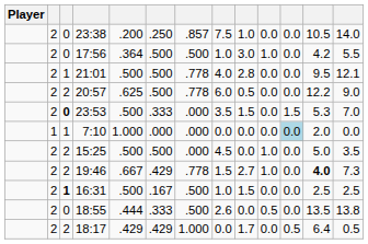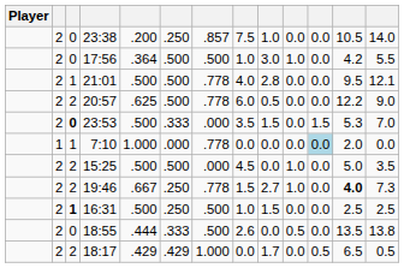 <table class="wikitable sortable" style="font-size:95%; text-align:right;">
 <tr>
 <th>Player</th>
 <th></th>
 <th></th>
 <th></th>
 <th></th>
 <th></th>
 <th></th>
 <th></th>
 <th></th>
 <th></th>
 <th></th>
 <th></th>
 <th></th>
 </tr>
 <tr>
 <td></td>
 <td>2</td>
 <td>0</td>
 <td>23:38</td>
 <td>.200</td>
 <td>.250</td>
 <td>.857</td>
 <td>7.5</td>
 <td>1.0</td>
 <td>0.0</td>
 <td>0.0</td>
 <td>10.5</td>
 <td>14.0</td>
 </tr>
 <tr>
 <td></td>
 <td>2</td>
 <td>0</td>
 <td>17:56</td>
 <td>.364</td>
 <td>.500</td>
 <td>.500</td>
 <td>1.0</td>
 <td>3.0</td>
 <td>1.0</td>
 <td>0.0</td>
 <td>4.2</td>
 <td>5.5</td>
 </tr>
 <tr>
 <td></td>
 <td>2</td>
 <td>1</td>
 <td>21:01</td>
 <td>.500</td>
 <td>.500</td>
 <td>.778</td>
 <td>4.0</td>
 <td>2.8</td>
 <td>0.0</td>
 <td>0.0</td>
 <td>9.5</td>
 <td>12.1</td>
 </tr>
 <tr>
 <td></td>
 <td>2</td>
 <td>2</td>
 <td>20:57</td>
 <td>.625</td>
 <td>.500</td>
 <td>.778</td>
 <td>6.0</td>
 <td>0.5</td>
 <td>0.0</td>
 <td>0.0</td>
 <td>12.2</td>
 <td>9.0</td>
 </tr>
 <tr>
 <td></td>
 <td>2</td>
 <td><strong>0</strong></td>
 <td>23:53</td>
 <td>.500</td>
 <td>.333</td>
 <td>.000</td>
 <td>3.5</td>
 <td>1.5</td>
 <td>0.0</td>
 <td>1.5</td>
 <td>5.3</td>
 <td>7.0</td>
 </tr>
 <tr>
 <td></td>
 <td>1</td>
 <td>1</td>
 <td>7:10</td>
 <td>1.000</td>
 <td>.000</td>
-<td>.000</td>
+<td>.778</td>
 <td>0.0</td>
 <td>0.0</td>
 <td>0.0</td>
 <td style="background: lightblue;">0.0</td>
 <td>2.0</td>
 <td>0.0</td>
 </tr>
 <tr>
 <td></td>
 <td>2</td>
 <td>2</td>
 <td>15:25</td>
 <td>.500</td>
 <td>.500</td>
 <td>.000</td>
 <td>4.5</td>
 <td>0.0</td>
 <td>1.0</td>
 <td>0.0</td>
 <td>5.0</td>
 <td>3.5</td>
 </tr>
 <tr>
 <td></td>
 <td>2</td>
 <td>2</td>
 <td>19:46</td>
 <td>.667</td>
-<td>.429</td>
+<td>.250</td>
 <td>.778</td>
 <td>1.5</td>
 <td>2.7</td>
 <td>1.0</td>
 <td>0.0</td>
 <td><strong>4.0</strong></td>
 <td>7.3</td>
 </tr>
 <tr>
 <td></td>
 <td>2</td>
 <td><strong>1</strong></td>
 <td>16:31</td>
 <td>.500</td>
-<td>.167</td>
+<td>.250</td>
 <td>.500</td>
 <td>1.0</td>
 <td>1.5</td>
 <td>0.0</td>
 <td>0.0</td>
 <td>2.5</td>
 <td>2.5</td>
 </tr>
 <tr>
 <td></td>
 <td>2</td>
 <td>0</td>
 <td>18:55</td>
 <td>.444</td>
 <td>.333</td>
 <td>.500</td>
 <td>2.6</td>
 <td>0.0</td>
 <td>0.5</td>
 <td>0.0</td>
 <td>13.5</td>
 <td>13.8</td>
 </tr>
 <tr>
 <td></td>
 <td>2</td>
 <td>2</td>
 <td>18:17</td>
 <td>.429</td>
 <td>.429</td>
 <td>1.000</td>
 <td>0.0</td>
 <td>1.7</td>
 <td>0.0</td>
 <td>0.5</td>
-<td>6.4</td>
+<td>6.5</td>
 <td>0.5</td>
 </tr>
 </table>
